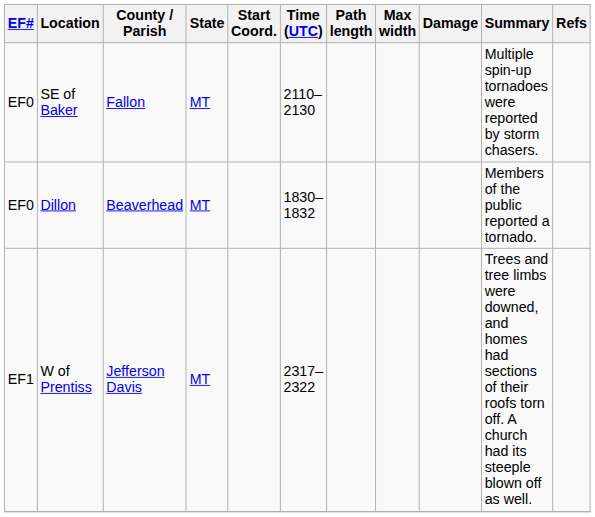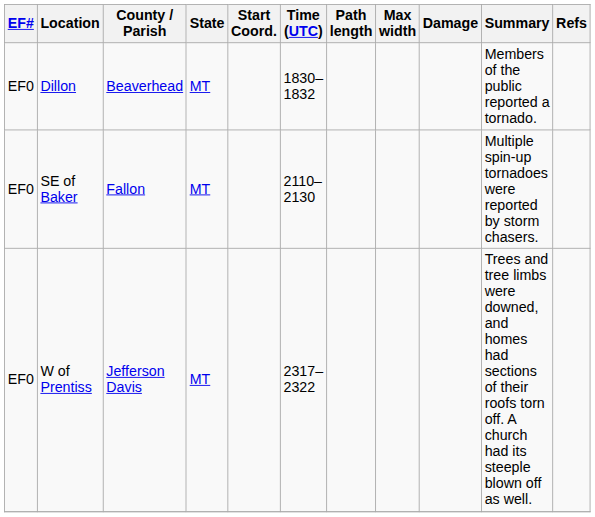 <table class="wikitable sortable" style="width:100%;">
 <tr>
 <th scope="col" width="3%" align="center"><a href='#'>EF#</a></th>
 <th scope="col" width="7%" align="center" class="unsortable">Location</th>
 <th scope="col" width="6%" align="center" class="unsortable">County / Parish</th>
 <th scope="col" width="5%" align="center">State</th>
 <th scope="col" width="6%" align="center">Start Coord.</th>
 <th scope="col" width="6%" align="center">Time (<a href='#'>UTC</a>)</th>
 <th scope="col" width="6%" align="center">Path length</th>
 <th scope="col" width="6%" align="center">Max width</th>
 <th scope="col" width="6%" align="center">Damage</th>
 <th scope="col" width="48%" class="unsortable" align="center">Summary</th>
 <th scope="col" width="48%" class="unsortable" align="center">Refs</th>
 </tr>
 <tr>
 <td>EF0</td>
+<td><a href='#'>Dillon</a></td>
+<td><a href='#'>Beaverhead</a></td>
+<td><a href='#'>MT</a></td>
+<td></td>
+<td>1830–1832</td>
+<td></td>
+<td></td>
+<td></td>
+<td>Members of the public reported a tornado.</td>
+<td></td>
+</tr>
+<tr>
+<td>EF0</td>
 <td>SE of <a href='#'>Baker</a></td>
 <td><a href='#'>Fallon</a></td>
 <td><a href='#'>MT</a></td>
 <td></td>
 <td>2110–2130</td>
 <td></td>
 <td></td>
 <td></td>
 <td>Multiple spin-up tornadoes were reported by storm chasers.</td>
 <td></td>
 </tr>
 <tr>
 <td>EF0</td>
-<td><a href='#'>Dillon</a></td>
-<td><a href='#'>Beaverhead</a></td>
-<td><a href='#'>MT</a></td>
-<td></td>
-<td>1830–1832</td>
-<td></td>
-<td></td>
-<td></td>
-<td>Members of the public reported a tornado.</td>
-<td></td>
-</tr>
-<tr>
-<td>EF1</td>
 <td>W of <a href='#'>Prentiss</a></td>
 <td><a href='#'>Jefferson Davis</a></td>
 <td><a href='#'>MT</a></td>
 <td></td>
 <td>2317–2322</td>
 <td></td>
 <td></td>
 <td></td>
 <td>Trees and tree limbs were downed, and homes had sections of their roofs torn off. A church had its steeple blown off as well.</td>
 <td></td>
 </tr>
 <tr>
 </tr>
 </table>
